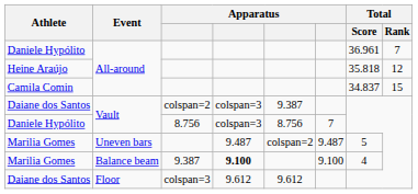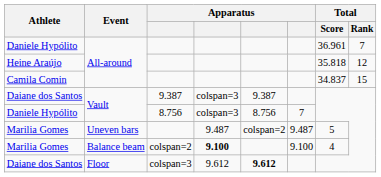 <table class=wikitable style=font-size:90%;text-align:center>
 <tr>
 <th rowspan=2>Athlete</th>
 <th rowspan=2>Event</th>
 <th colspan=4>Apparatus</th>
 <th colspan=2>Total</th>
 </tr>
 <tr style=font-size:95%>
 <th></th>
 <th></th>
 <th></th>
 <th></th>
 <th>Score</th>
 <th>Rank</th>
 </tr>
 <tr>
 <td align=left><a href='#'>Daniele Hypólito</a></td>
 <td align=left rowspan=3><a href='#'>All-around</a></td>
 <td></td>
 <td></td>
 <td></td>
 <td></td>
 <td>36.961</td>
 <td>7</td>
 </tr>
 <tr>
 <td align=left><a href='#'>Heine Araújo</a></td>
 <td></td>
 <td></td>
 <td></td>
 <td></td>
 <td>35.818</td>
 <td>12</td>
 </tr>
 <tr>
 <td align=left><a href='#'>Camila Comin</a></td>
 <td></td>
 <td></td>
 <td></td>
 <td></td>
 <td>34.837</td>
 <td>15</td>
 </tr>
 <tr>
 <td align=left><a href='#'>Daiane dos Santos</a></td>
 <td align=left rowspan=2><a href='#'>Vault</a></td>
-<td>colspan=2 </td>
+<td>9.387</td>
 <td>colspan=3 </td>
 <td>9.387</td>
 <td></td>
 </tr>
 <tr>
 <td align=left><a href='#'>Daniele Hypólito</a></td>
 <td>8.756</td>
 <td>colspan=3 </td>
 <td>8.756</td>
 <td>7</td>
 </tr>
 <tr>
 <td align=left><a href='#'>Marilia Gomes</a></td>
 <td align=left><a href='#'>Uneven bars</a></td>
 <td></td>
 <td>9.487</td>
 <td>colspan=2 </td>
 <td>9.487</td>
 <td>5</td>
 </tr>
 <tr>
 <td align=left><a href='#'>Marilia Gomes</a></td>
 <td align=left><a href='#'>Balance beam</a></td>
-<td>9.387</td>
+<td>colspan=2 </td>
 <td><strong>9.100</strong></td>
 <td></td>
 <td>9.100</td>
 <td>4</td>
 </tr>
 <tr>
 <td align=left><a href='#'>Daiane dos Santos</a></td>
 <td align=left><a href='#'>Floor</a></td>
 <td>colspan=3 </td>
 <td>9.612</td>
-<td>9.612</td>
+<td><strong>9.612</strong></td>
 <td></td>
 </tr>
 </table>
